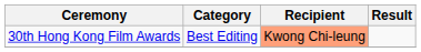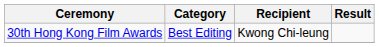 <table class="wikitable">
 <tr>
 <th>Ceremony</th>
 <th>Category</th>
 <th>Recipient</th>
 <th>Result</th>
 </tr>
 <tr>
 <td><a href='#'>30th Hong Kong Film Awards</a></td>
 <td><a href='#'>Best Editing</a></td>
-<td style="background: lightsalmon;">Kwong Chi-leung</td>
+<td>Kwong Chi-leung</td>
 <td></td>
 </tr>
 <tr>
 </tr>
 </table>
